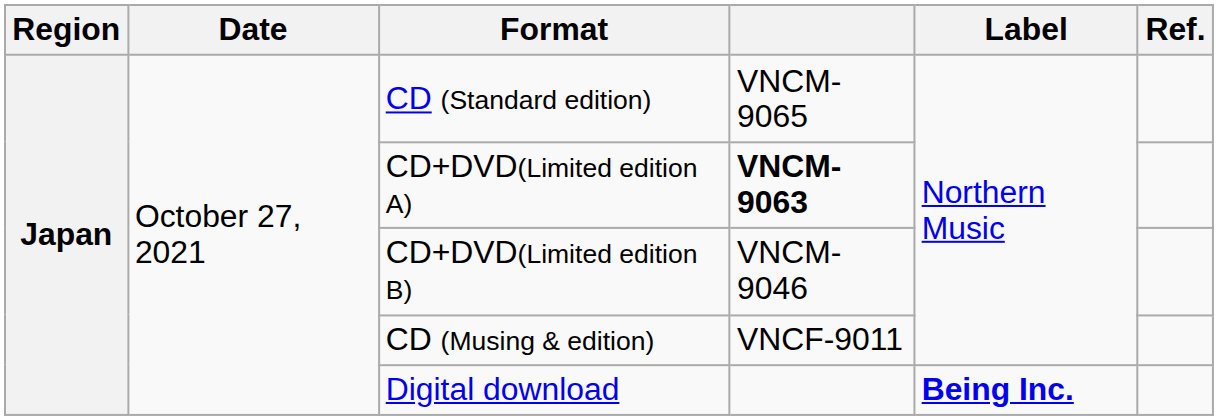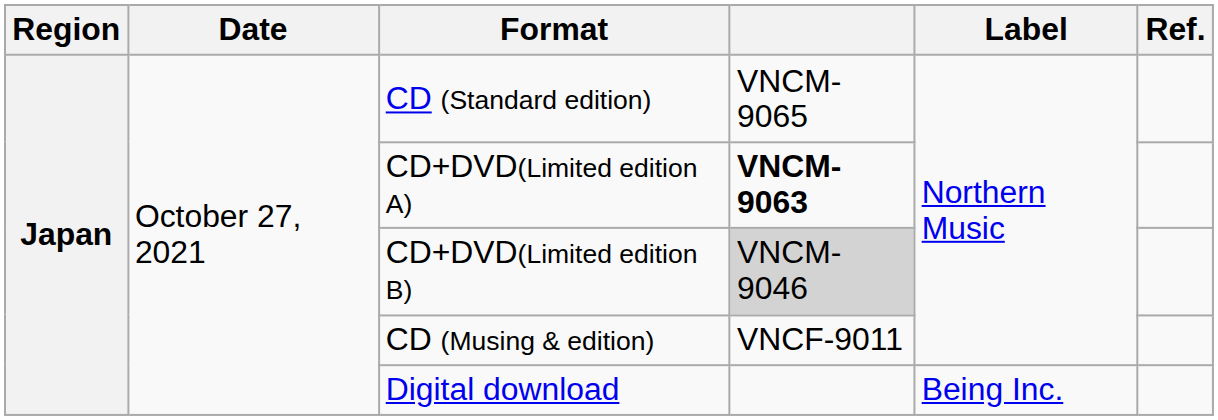 <table class="wikitable sortable plainrowheaders">
 <tr>
 <th scope="col">Region</th>
 <th scope="col">Date</th>
 <th scope="col">Format</th>
 <th scope="col"></th>
 <th scope="col">Label</th>
 <th scope="col">Ref.</th>
 </tr>
 <tr>
 <th scope="row" rowspan="5">Japan</th>
 <td rowspan="5">October 27, 2021</td>
 <td><a href='#'>CD</a> <small>(Standard edition)</small></td>
 <td>VNCM-9065</td>
 <td rowspan="4"><a href='#'>Northern Music</a></td>
 <td></td>
 </tr>
 <tr>
 <td>CD+DVD<small>(Limited edition A)</small></td>
 <td><strong>VNCM-9063</strong></td>
 <td></td>
 </tr>
 <tr>
 <td>CD+DVD<small>(Limited edition B)</small></td>
-<td>VNCM-9046</td>
+<td style="background: lightgrey;">VNCM-9046</td>
 <td></td>
 </tr>
 <tr>
 <td>CD <small>(Musing &  edition)</small></td>
 <td>VNCF-9011</td>
 <td></td>
 </tr>
 <tr>
 <td><a href='#'>Digital download</a></td>
 <td></td>
-<td><strong><a href='#'>Being Inc.</a></strong></td>
+<td><a href='#'>Being Inc.</a></td>
 <td></td>
 </tr>
 </table>
